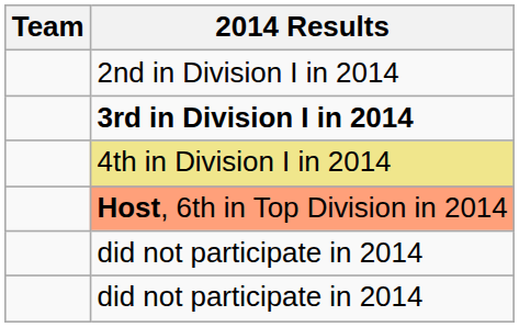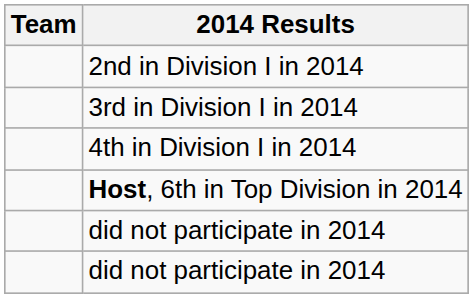 <table class="wikitable">
 <tr>
 <th>Team</th>
 <th>2014 Results</th>
 </tr>
 <tr>
 <td></td>
 <td>2nd in Division I in 2014</td>
 </tr>
 <tr>
 <td></td>
-<td><strong>3rd in Division I in 2014</strong></td>
+<td>3rd in Division I in 2014</td>
 </tr>
 <tr>
 <td></td>
-<td style="background: khaki;">4th in Division I in 2014</td>
+<td>4th in Division I in 2014</td>
 </tr>
 <tr>
 <td></td>
-<td style="background: lightsalmon;"><strong>Host</strong>, 6th in Top Division in 2014</td>
+<td><strong>Host</strong>, 6th in Top Division in 2014</td>
 </tr>
 <tr>
 <td></td>
 <td>did not participate in 2014</td>
 </tr>
 <tr>
 <td></td>
 <td>did not participate in 2014</td>
 </tr>
 </table>
